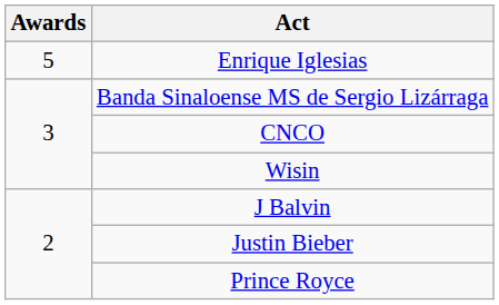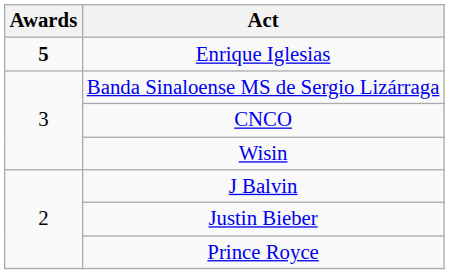 <table class="wikitable" rowspan="2" style="text-align:center;">
 <tr>
 <th scope="col">Awards</th>
 <th scope="col">Act</th>
 </tr>
 <tr>
-<td>5</td>
+<td><strong>5</strong></td>
 <td><a href='#'>Enrique Iglesias</a></td>
 </tr>
 <tr>
 <td rowspan="3">3</td>
 <td><a href='#'>Banda Sinaloense MS de Sergio Lizárraga</a></td>
 </tr>
 <tr>
 <td><a href='#'>CNCO</a></td>
 </tr>
 <tr>
 <td><a href='#'>Wisin</a></td>
 </tr>
 <tr>
 <td rowspan="3">2</td>
 <td><a href='#'>J Balvin</a></td>
 </tr>
 <tr>
 <td><a href='#'>Justin Bieber</a></td>
 </tr>
 <tr>
 <td><a href='#'>Prince Royce</a></td>
 </tr>
 </table>
